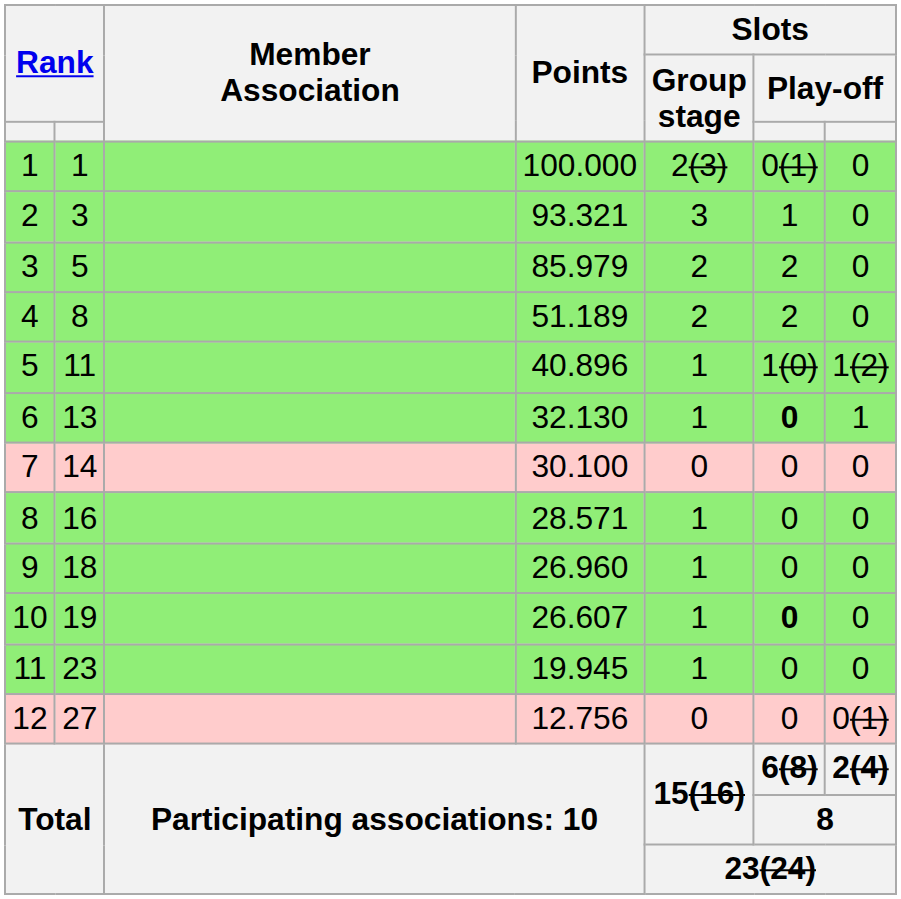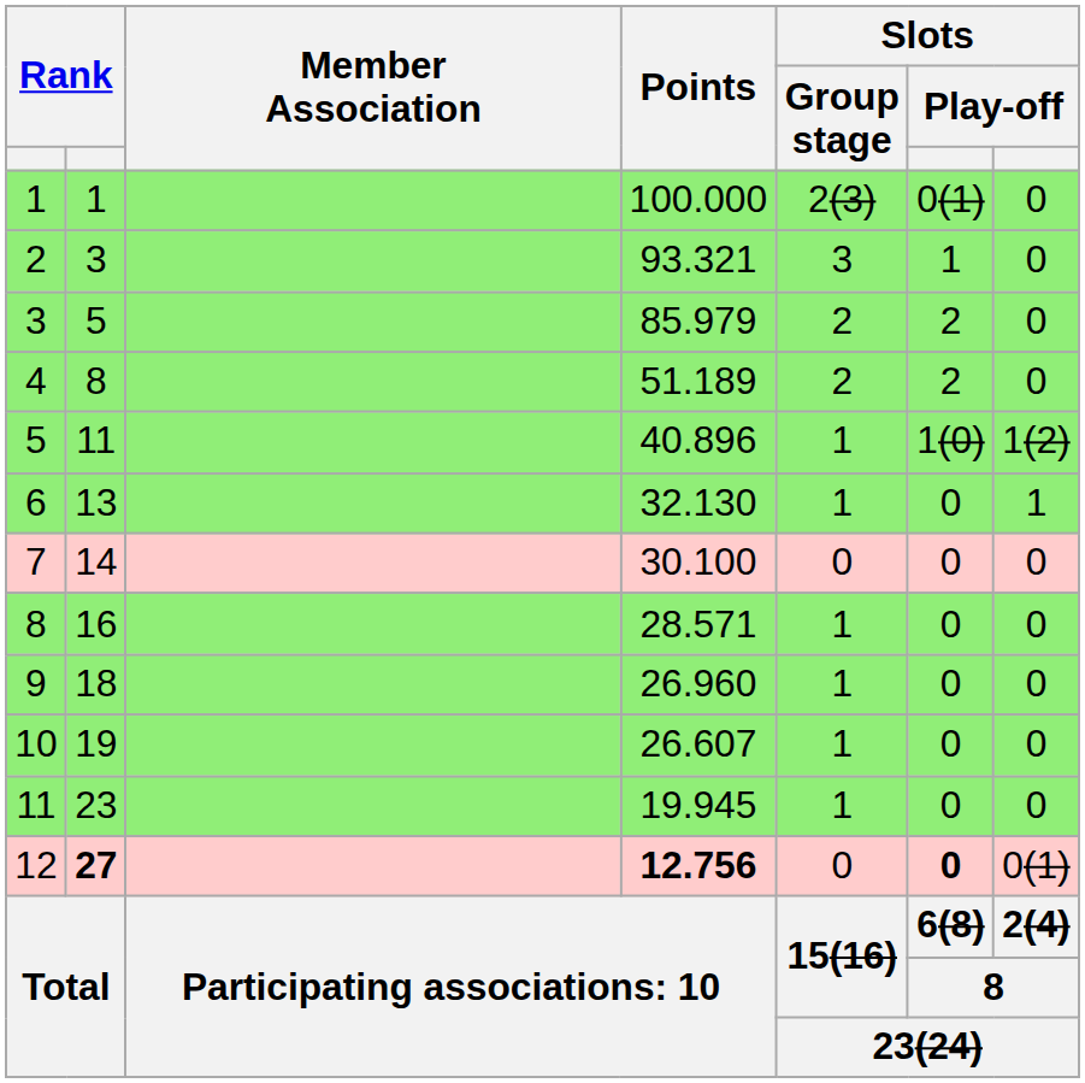 <table class="wikitable" style="text-align:center">
 <tr>
 </tr>
 <tr>
 <th colspan=2 rowspan=2><a href='#'>Rank</a></th>
 <th rowspan=3 width=200>Member<br>Association</th>
 <th rowspan=3>Points</th>
 <th colspan=4>Slots</th>
 </tr>
 <tr>
 <th rowspan=2>Group<br>stage</th>
 <th colspan=2>Play-off</th>
 </tr>
 <tr>
 <th></th>
 <th></th>
 <th></th>
 <th></th>
 </tr>
 <tr bgcolor=#90ee77>
 <td>1</td>
 <td>1</td>
 <td align=left></td>
 <td>100.000</td>
 <td>2<s>(3)</s></td>
 <td>0<s>(1)</s></td>
 <td>0</td>
 </tr>
 <tr bgcolor=#90ee77>
 <td>2</td>
 <td>3</td>
 <td align=left></td>
 <td>93.321</td>
 <td>3</td>
 <td>1</td>
 <td>0</td>
 </tr>
 <tr bgcolor=#90ee77>
 <td>3</td>
 <td>5</td>
 <td align=left></td>
 <td>85.979</td>
 <td>2</td>
 <td>2</td>
 <td>0</td>
 </tr>
 <tr bgcolor=#90ee77>
 <td>4</td>
 <td>8</td>
 <td align=left></td>
 <td>51.189</td>
 <td>2</td>
 <td>2</td>
 <td>0</td>
 </tr>
 <tr bgcolor=#90ee77>
 <td>5</td>
 <td>11</td>
 <td align=left></td>
 <td>40.896</td>
 <td>1</td>
 <td>1<s>(0)</s></td>
 <td>1<s>(2)</s></td>
 </tr>
 <tr bgcolor=#90ee77>
 <td>6</td>
 <td>13</td>
 <td align=left></td>
 <td>32.130</td>
 <td>1</td>
-<td><strong>0</strong></td>
+<td>0</td>
 <td>1</td>
 </tr>
 <tr bgcolor=ffcccc>
 <td>7</td>
 <td>14</td>
 <td align=left></td>
 <td>30.100</td>
 <td>0</td>
 <td>0</td>
 <td>0</td>
 </tr>
 <tr bgcolor=#90ee77>
 <td>8</td>
 <td>16</td>
 <td align=left></td>
 <td>28.571</td>
 <td>1</td>
 <td>0</td>
 <td>0</td>
 </tr>
 <tr bgcolor=#90ee77>
 <td>9</td>
 <td>18</td>
 <td align=left></td>
 <td>26.960</td>
 <td>1</td>
 <td>0</td>
 <td>0</td>
 </tr>
 <tr bgcolor=#90ee77>
 <td>10</td>
 <td>19</td>
 <td align=left></td>
 <td>26.607</td>
 <td>1</td>
-<td><strong>0</strong></td>
+<td>0</td>
 <td>0</td>
 </tr>
 <tr bgcolor=#90ee77>
 <td>11</td>
 <td>23</td>
 <td align=left></td>
 <td>19.945</td>
 <td>1</td>
 <td>0</td>
 <td>0</td>
 </tr>
 <tr bgcolor=#ffcccc>
 <td>12</td>
-<td>27</td>
+<td><strong>27</strong></td>
 <td align=left></td>
-<td>12.756</td>
+<td><strong>12.756</strong></td>
 <td>0</td>
-<td>0</td>
+<td><strong>0</strong></td>
 <td>0<s>(1)</s></td>
 </tr>
 <tr>
 <th colspan=2 rowspan=3>Total</th>
 <th colspan=2 rowspan=3>Participating associations: 10</th>
 <th rowspan=2>15<s>(16)</s></th>
 <th>6<s>(8)</s></th>
 <th>2<s>(4)</s></th>
 </tr>
 <tr>
 <th colspan=2>8</th>
 </tr>
 <tr>
 <th colspan=3>23<s>(24)</s></th>
 </tr>
 </table>
